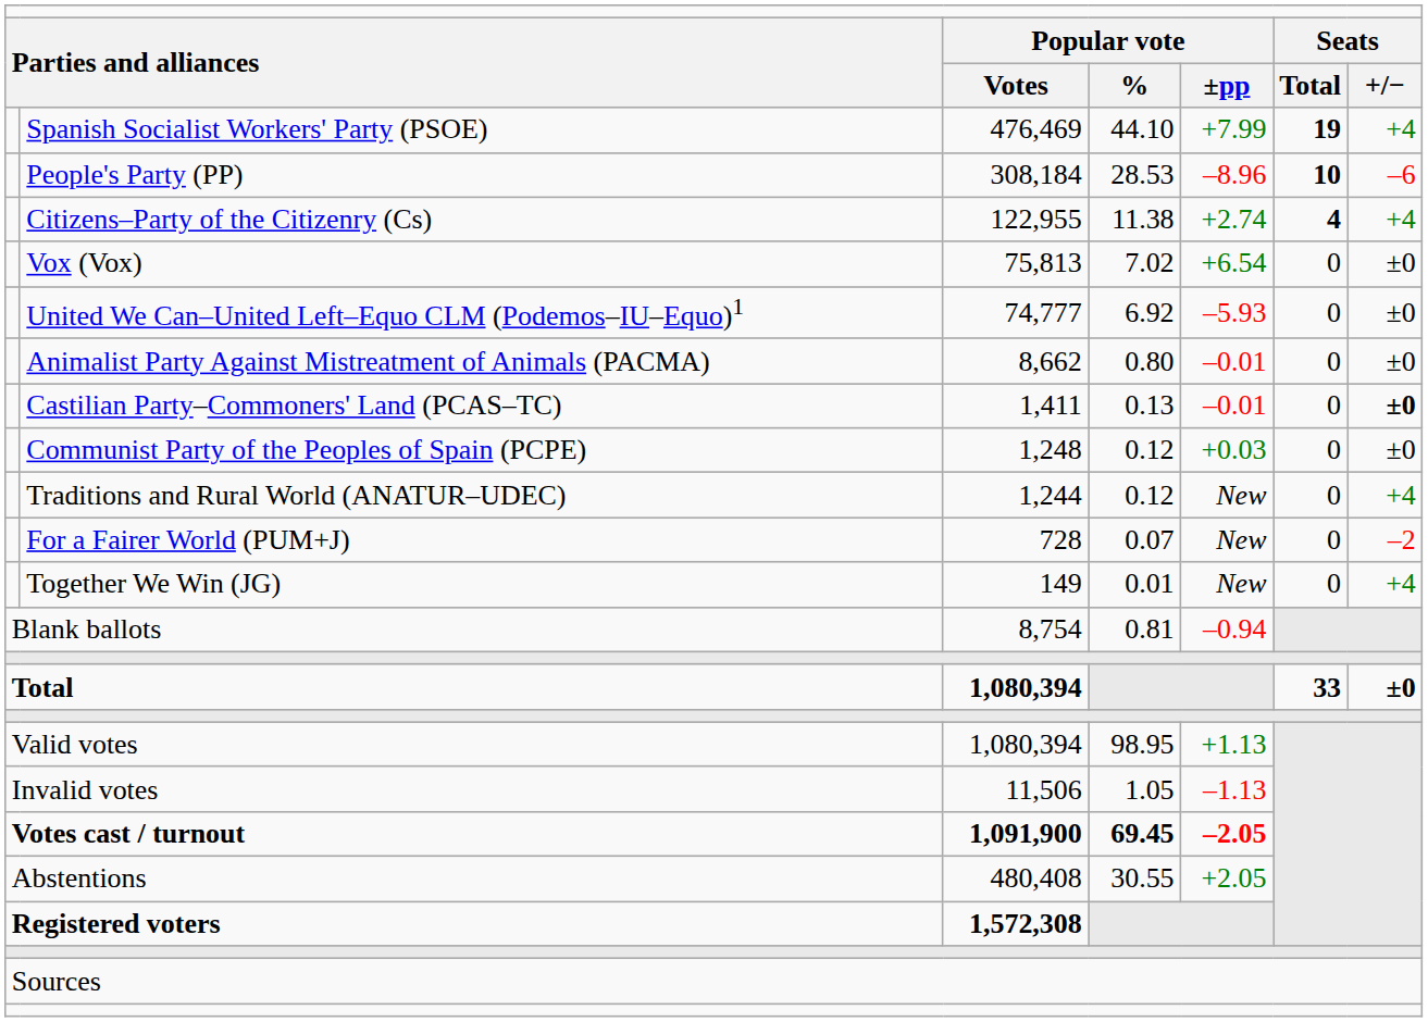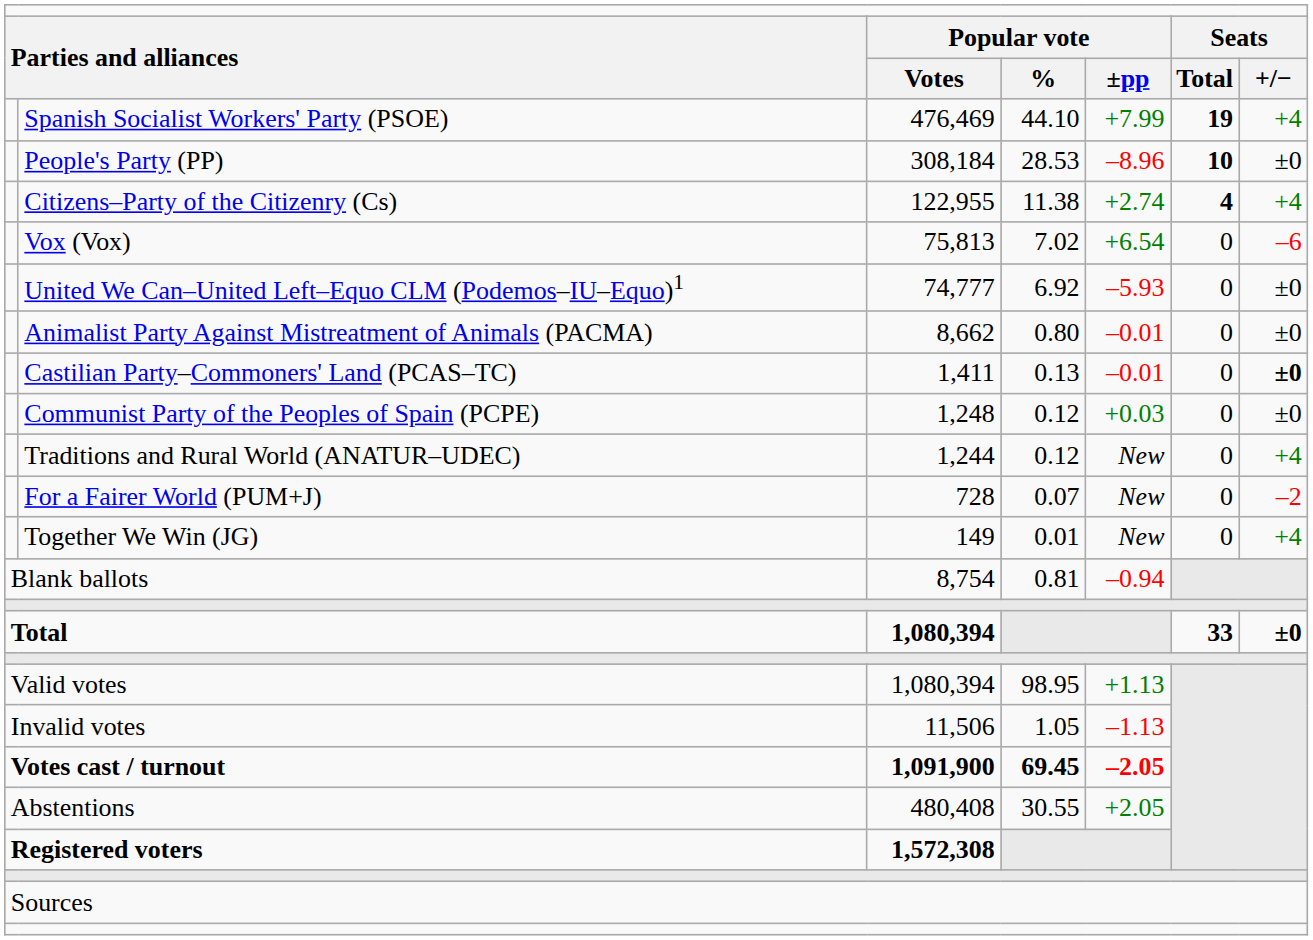 <table class="wikitable" style="text-align:right;">
 <tr>
 <td colspan="7"></td>
 </tr>
 <tr>
 <th style="text-align:left;" rowspan="2" colspan="2" width="525">Parties and alliances</th>
 <th colspan="3">Popular vote</th>
 <th colspan="2">Seats</th>
 </tr>
 <tr>
 <th width="75">Votes</th>
 <th width="45">%</th>
 <th width="45">±<a href='#'>pp</a></th>
 <th width="35">Total</th>
 <th width="35">+/−</th>
 </tr>
 <tr>
 <td width="1" style="color:inherit;background:"></td>
 <td align="left"><a href='#'>Spanish Socialist Workers' Party</a> (PSOE)</td>
 <td>476,469</td>
 <td>44.10</td>
 <td style="color:green;">+7.99</td>
 <td><strong>19</strong></td>
 <td style="color:green;">+4</td>
 </tr>
 <tr>
 <td style="color:inherit;background:"></td>
 <td align="left"><a href='#'>People's Party</a> (PP)</td>
 <td>308,184</td>
 <td>28.53</td>
 <td style="color:red;">–8.96</td>
 <td><strong>10</strong></td>
-<td style="color:red;">–6</td>
+<td>±0</td>
 </tr>
 <tr>
 <td style="color:inherit;background:"></td>
 <td align="left"><a href='#'>Citizens–Party of the Citizenry</a> (Cs)</td>
 <td>122,955</td>
 <td>11.38</td>
 <td style="color:green;">+2.74</td>
 <td><strong>4</strong></td>
 <td style="color:green;">+4</td>
 </tr>
 <tr>
 <td style="color:inherit;background:"></td>
 <td align="left"><a href='#'>Vox</a> (Vox)</td>
 <td>75,813</td>
 <td>7.02</td>
 <td style="color:green;">+6.54</td>
 <td>0</td>
-<td>±0</td>
+<td style="color:red;">–6</td>
 </tr>
 <tr>
 <td style="color:inherit;background:"></td>
 <td align="left"><a href='#'>United We Can–United Left–Equo CLM</a> (<a href='#'>Podemos</a>–<a href='#'>IU</a>–<a href='#'>Equo</a>)<sup>1</sup></td>
 <td>74,777</td>
 <td>6.92</td>
 <td style="color:red;">–5.93</td>
 <td>0</td>
 <td>±0</td>
 </tr>
 <tr>
 <td style="color:inherit;background:"></td>
 <td align="left"><a href='#'>Animalist Party Against Mistreatment of Animals</a> (PACMA)</td>
 <td>8,662</td>
 <td>0.80</td>
 <td style="color:red;">–0.01</td>
 <td>0</td>
 <td>±0</td>
 </tr>
 <tr>
 <td style="color:inherit;background:"></td>
 <td align="left"><a href='#'>Castilian Party</a>–<a href='#'>Commoners' Land</a> (PCAS–TC)</td>
 <td>1,411</td>
 <td>0.13</td>
 <td style="color:red;">–0.01</td>
 <td>0</td>
 <td><strong>±0</strong></td>
 </tr>
 <tr>
 <td style="color:inherit;background:"></td>
 <td align="left"><a href='#'>Communist Party of the Peoples of Spain</a> (PCPE)</td>
 <td>1,248</td>
 <td>0.12</td>
 <td style="color:green;">+0.03</td>
 <td>0</td>
 <td>±0</td>
 </tr>
 <tr>
 <td style="color:inherit;background:"></td>
 <td align="left">Traditions and Rural World (ANATUR–UDEC)</td>
 <td>1,244</td>
 <td>0.12</td>
 <td><em>New</em></td>
 <td>0</td>
 <td style="color:green;">+4</td>
 </tr>
 <tr>
 <td style="color:inherit;background:"></td>
 <td align="left"><a href='#'>For a Fairer World</a> (PUM+J)</td>
 <td>728</td>
 <td>0.07</td>
 <td><em>New</em></td>
 <td>0</td>
 <td style="color:red;">–2</td>
 </tr>
 <tr>
 <td style="color:inherit;background:"></td>
 <td align="left">Together We Win (JG)</td>
 <td>149</td>
 <td>0.01</td>
 <td><em>New</em></td>
 <td>0</td>
 <td style="color:green;">+4</td>
 </tr>
 <tr>
 <td align="left" colspan="2">Blank ballots</td>
 <td>8,754</td>
 <td>0.81</td>
 <td style="color:red;">–0.94</td>
 <td bgcolor="#E9E9E9" colspan="2"></td>
 </tr>
 <tr>
 <td colspan="7" bgcolor="#E9E9E9"></td>
 </tr>
 <tr style="font-weight:bold;">
 <td align="left" colspan="2">Total</td>
 <td>1,080,394</td>
 <td bgcolor="#E9E9E9" colspan="2"></td>
 <td>33</td>
 <td>±0</td>
 </tr>
 <tr>
 <td colspan="7" bgcolor="#E9E9E9"></td>
 </tr>
 <tr>
 <td align="left" colspan="2">Valid votes</td>
 <td>1,080,394</td>
 <td>98.95</td>
 <td style="color:green;">+1.13</td>
 <td bgcolor="#E9E9E9" colspan="2" rowspan="5"></td>
 </tr>
 <tr>
 <td align="left" colspan="2">Invalid votes</td>
 <td>11,506</td>
 <td>1.05</td>
 <td style="color:red;">–1.13</td>
 </tr>
 <tr style="font-weight:bold;">
 <td align="left" colspan="2">Votes cast / turnout</td>
 <td>1,091,900</td>
 <td>69.45</td>
 <td style="color:red;">–2.05</td>
 </tr>
 <tr>
 <td align="left" colspan="2">Abstentions</td>
 <td>480,408</td>
 <td>30.55</td>
 <td style="color:green;">+2.05</td>
 </tr>
 <tr style="font-weight:bold;">
 <td align="left" colspan="2">Registered voters</td>
 <td>1,572,308</td>
 <td bgcolor="#E9E9E9" colspan="2"></td>
 </tr>
 <tr>
 <td colspan="7" bgcolor="#E9E9E9"></td>
 </tr>
 <tr>
 <td align="left" colspan="7">Sources</td>
 </tr>
 <tr>
 <td colspan="7" style="text-align:left; max-width:790px;"></td>
 </tr>
 </table>
